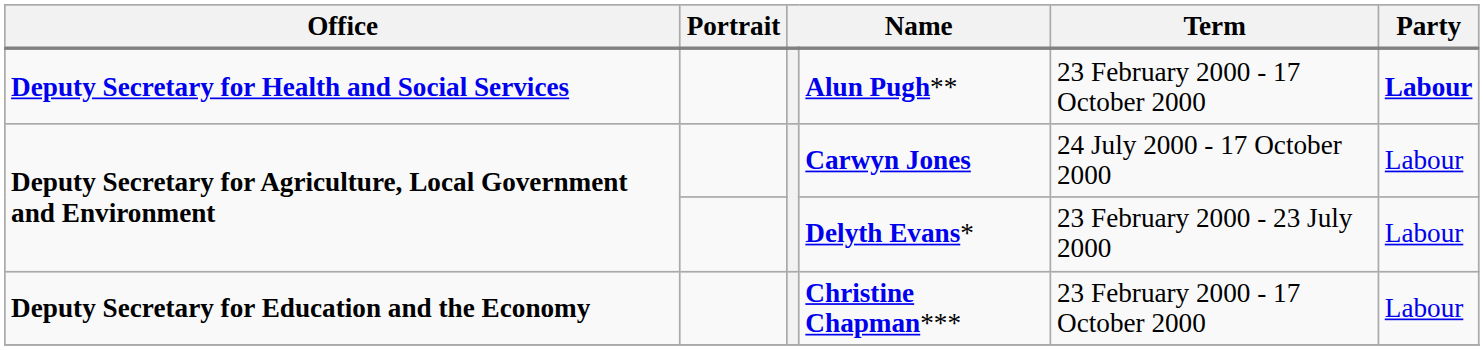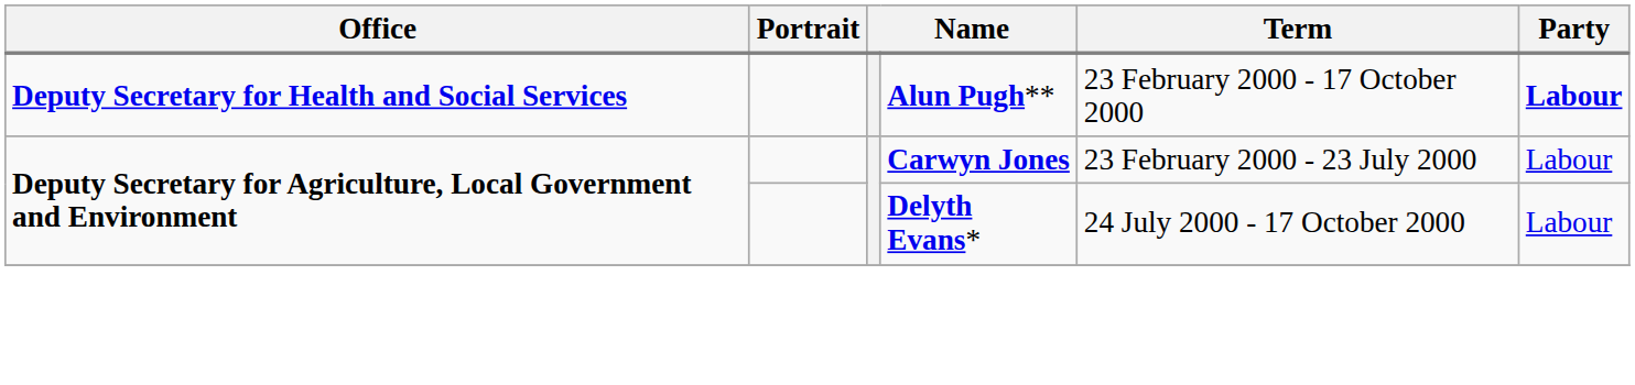 <table class="wikitable">
 <tr style="border-bottom: 2px solid gray;">
 <th style="width: 390px">Office</th>
 <th>Portrait</th>
 <th colspan="2">Name</th>
 <th>Term</th>
 <th>Party</th>
 </tr>
 <tr>
 <td><strong><a href='#'>Deputy Secretary for Health and Social Services</a></strong></td>
 <td></td>
 <th style="background-color: "></th>
 <td><strong><a href='#'>Alun Pugh</a></strong>**</td>
 <td>23 February 2000 - 17 October 2000</td>
 <td><strong><a href='#'>Labour</a></strong></td>
 </tr>
 <tr>
 <td rowspan="2"><strong>Deputy Secretary for Agriculture, Local Government and Environment </strong></td>
 <td></td>
 <th rowspan="2" style="background-color:"></th>
 <td><strong><a href='#'>Carwyn Jones</a></strong></td>
-<td>24 July 2000 - 17 October 2000</td>
+<td>23 February 2000 - 23 July 2000</td>
 <td><a href='#'>Labour</a></td>
 </tr>
 <tr>
 <td></td>
 <td><strong><a href='#'>Delyth Evans</a></strong>*</td>
-<td>23 February 2000 - 23 July 2000</td>
-<td><a href='#'>Labour</a></td>
-</tr>
-<tr>
-<td><strong>Deputy Secretary for Education and the Economy  </strong></td>
-<td></td>
-<th style="background-color: "></th>
-<td><strong><a href='#'>Christine Chapman</a></strong>***</td>
-<td>23 February 2000 - 17 October 2000</td>
+<td>24 July 2000 - 17 October 2000</td>
 <td><a href='#'>Labour</a></td>
 </tr>
 <tr>
 </tr>
 </table>
